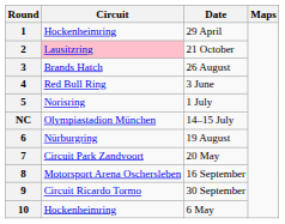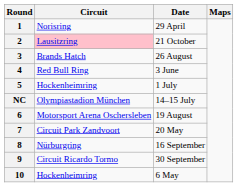 <table class="wikitable" style="font-size: 85%">
 <tr>
 <th>Round</th>
 <th>Circuit</th>
 <th>Date</th>
 <th>Maps</th>
 </tr>
 <tr>
 <th>1</th>
-<td> <a href='#'>Hockenheimring</a></td>
+<td> <a href='#'>Norisring</a></td>
 <td>29 April</td>
 <td rowspan=11><br>        </td>
 </tr>
 <tr>
 <th>2</th>
 <td style="background: pink;"> <a href='#'>Lausitzring</a></td>
 <td>21 October</td>
 </tr>
 <tr>
 <th>3</th>
 <td> <a href='#'>Brands Hatch</a></td>
 <td>26 August</td>
 </tr>
 <tr>
 <th>4</th>
 <td> <a href='#'>Red Bull Ring</a></td>
 <td>3 June</td>
 </tr>
 <tr>
 <th>5</th>
-<td> <a href='#'>Norisring</a></td>
+<td> <a href='#'>Hockenheimring</a></td>
 <td>1 July</td>
 </tr>
 <tr>
 <th>NC</th>
 <td> <a href='#'>Olympiastadion München</a></td>
 <td>14–15 July</td>
 </tr>
 <tr>
 <th>6</th>
-<td> <a href='#'>Nürburgring</a></td>
+<td> <a href='#'>Motorsport Arena Oschersleben</a></td>
 <td>19 August</td>
 </tr>
 <tr>
 <th>7</th>
 <td> <a href='#'>Circuit Park Zandvoort</a></td>
 <td>20 May</td>
 </tr>
 <tr>
 <th>8</th>
-<td> <a href='#'>Motorsport Arena Oschersleben</a></td>
+<td> <a href='#'>Nürburgring</a></td>
 <td>16 September</td>
 </tr>
 <tr>
 <th>9</th>
 <td> <a href='#'>Circuit Ricardo Tormo</a></td>
 <td>30 September</td>
 </tr>
 <tr>
 <th>10</th>
 <td> <a href='#'>Hockenheimring</a></td>
 <td>6 May</td>
 </tr>
 </table>
